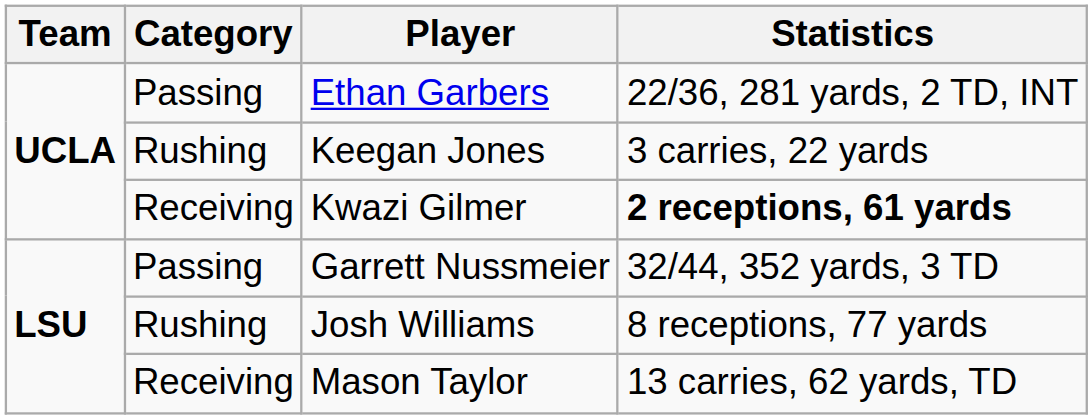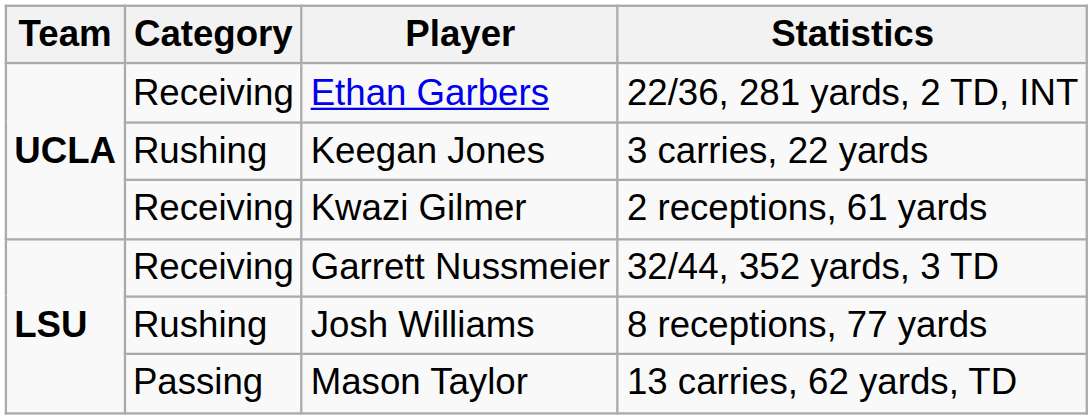 <table class="wikitable" style="float: right;">
 <tr>
 <th>Team</th>
 <th>Category</th>
 <th>Player</th>
 <th>Statistics</th>
 </tr>
 <tr>
 <td rowspan=3><strong>UCLA</strong></td>
-<td>Passing</td>
+<td>Receiving</td>
 <td><a href='#'>Ethan Garbers</a></td>
 <td>22/36, 281 yards, 2 TD, INT</td>
 </tr>
 <tr>
 <td>Rushing</td>
 <td>Keegan Jones</td>
 <td>3 carries, 22 yards</td>
 </tr>
 <tr>
 <td>Receiving</td>
 <td>Kwazi Gilmer</td>
-<td><strong>2 receptions, 61 yards</strong></td>
+<td>2 receptions, 61 yards</td>
 </tr>
 <tr>
 <td rowspan=3><strong>LSU</strong></td>
-<td>Passing</td>
+<td>Receiving</td>
 <td>Garrett Nussmeier</td>
 <td>32/44, 352 yards, 3 TD</td>
 </tr>
 <tr>
 <td>Rushing</td>
 <td>Josh Williams</td>
 <td>8 receptions, 77 yards</td>
 </tr>
 <tr>
-<td>Receiving</td>
+<td>Passing</td>
 <td>Mason Taylor</td>
 <td>13 carries, 62 yards, TD</td>
 </tr>
 </table>
